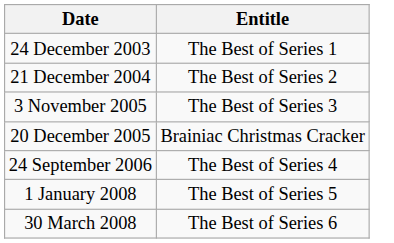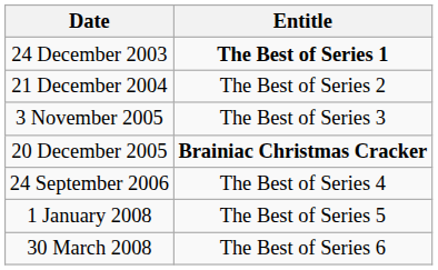 <table class="wikitable" style="text-align:center;">
 <tr>
 <th>Date</th>
 <th>Entitle</th>
 </tr>
 <tr>
 <td>24 December 2003</td>
-<td>The Best of Series 1</td>
+<td><strong>The Best of Series 1</strong></td>
 </tr>
 <tr>
 <td>21 December 2004</td>
 <td>The Best of Series 2</td>
 </tr>
 <tr>
 <td>3 November 2005</td>
 <td>The Best of Series 3</td>
 </tr>
 <tr>
 <td>20 December 2005</td>
-<td>Brainiac Christmas Cracker</td>
+<td><strong>Brainiac Christmas Cracker</strong></td>
 </tr>
 <tr>
 <td>24 September 2006</td>
 <td>The Best of Series 4</td>
 </tr>
 <tr>
 <td>1 January 2008</td>
 <td>The Best of Series 5</td>
 </tr>
 <tr>
 <td>30 March 2008</td>
 <td>The Best of Series 6</td>
 </tr>
 </table>
